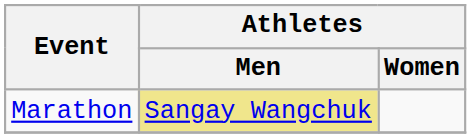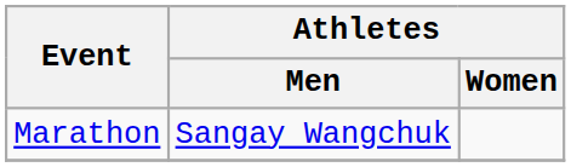 <table class=wikitable style="font-size:90%">
 <tr>
 <th rowspan=2>Event</th>
 <th colspan=2>Athletes</th>
 </tr>
 <tr>
 <th>Men</th>
 <th>Women</th>
 </tr>
 <tr>
 <td><a href='#'>Marathon</a></td>
-<td style="background: khaki;"><a href='#'>Sangay Wangchuk</a></td>
+<td><a href='#'>Sangay Wangchuk</a></td>
 <td></td>
 </tr>
 <tr>
 </tr>
 </table>
